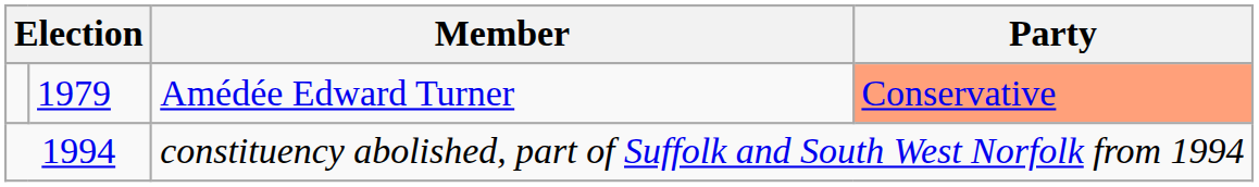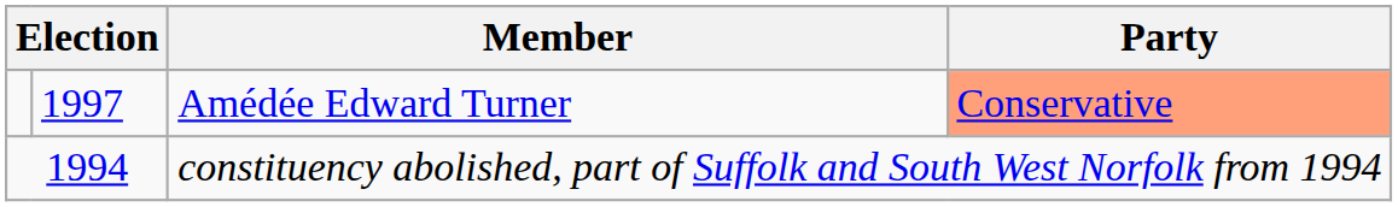 <table class="wikitable">
 <tr>
 <th colspan="2">Election</th>
 <th>Member</th>
 <th>Party</th>
 </tr>
 <tr>
 <td style="background-color: "></td>
-<td><a href='#'>1979</a></td>
+<td><a href='#'>1997</a></td>
 <td><a href='#'>Amédée Edward Turner</a></td>
 <td style="background: lightsalmon;"><a href='#'>Conservative</a></td>
 </tr>
 <tr>
 <td colspan="2" align="center"><a href='#'>1994</a></td>
 <td colspan="2"><em>constituency abolished, part of <a href='#'>Suffolk and South West Norfolk</a> from 1994</em></td>
 </tr>
 </table>
